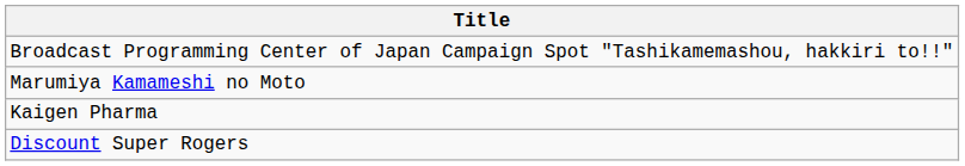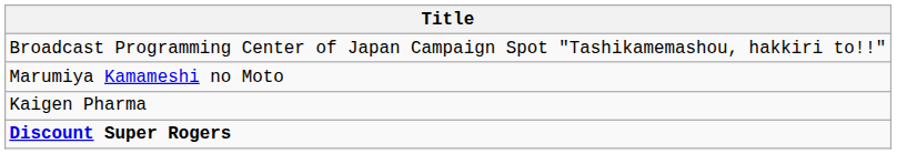 <table class="wikitable">
 <tr>
 <th>Title</th>
 </tr>
 <tr>
 <td>Broadcast Programming Center of Japan Campaign Spot "Tashikamemashou, hakkiri to!!"</td>
 </tr>
 <tr>
 <td>Marumiya <a href='#'>Kamameshi</a> no Moto</td>
 </tr>
 <tr>
 <td>Kaigen Pharma</td>
 </tr>
 <tr>
-<td><a href='#'>Discount</a> Super Rogers</td>
+<td><strong><a href='#'>Discount</a> Super Rogers</strong></td>
 </tr>
 </table>
